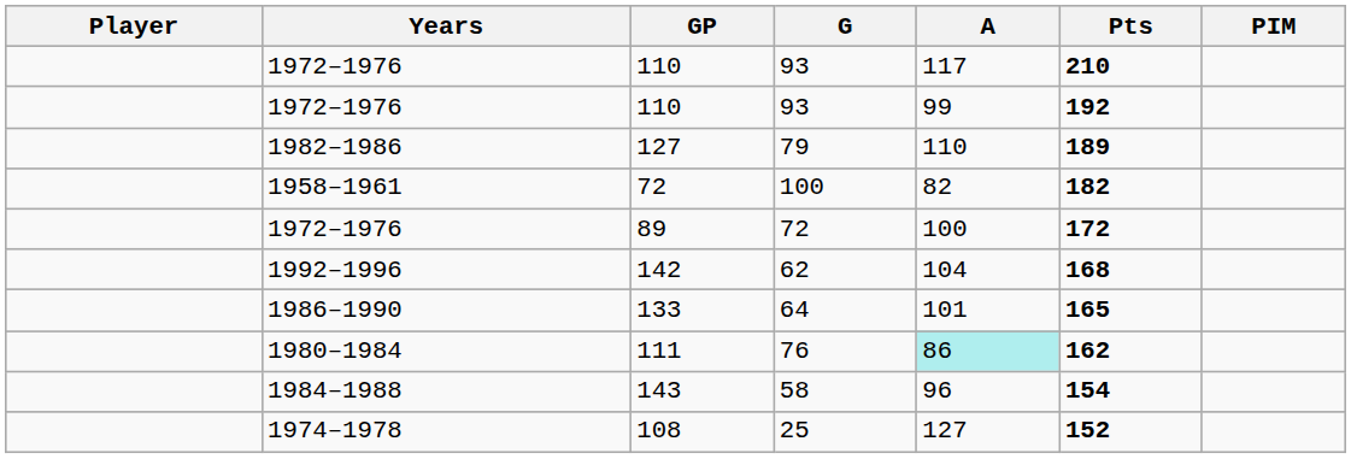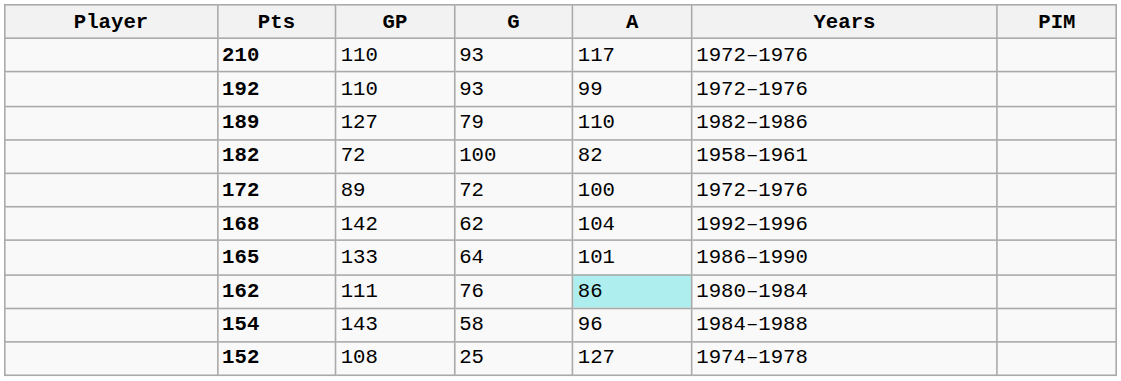 <table class="wikitable sortable" width ="700" cellpadding="1" border="1" cellspacing="0">
 <tr>
 <th>Player</th>
-<th>Years</th>
+<th>Pts</th>
 <th>GP</th>
 <th>G</th>
 <th>A</th>
-<th>Pts</th>
+<th>Years</th>
 <th>PIM</th>
 </tr>
 <tr>
 <td></td>
-<td>1972–1976</td>
+<td><strong>210</strong></td>
 <td>110</td>
 <td>93</td>
 <td>117</td>
-<td><strong>210</strong></td>
+<td>1972–1976</td>
 <td></td>
 </tr>
 <tr>
 <td></td>
-<td>1972–1976</td>
+<td><strong>192</strong></td>
 <td>110</td>
 <td>93</td>
 <td>99</td>
-<td><strong>192</strong></td>
+<td>1972–1976</td>
 <td></td>
 </tr>
 <tr>
 <td></td>
-<td>1982–1986</td>
+<td><strong>189</strong></td>
 <td>127</td>
 <td>79</td>
 <td>110</td>
-<td><strong>189</strong></td>
+<td>1982–1986</td>
 <td></td>
 </tr>
 <tr>
 <td></td>
-<td>1958–1961</td>
+<td><strong>182</strong></td>
 <td>72</td>
 <td>100</td>
 <td>82</td>
-<td><strong>182</strong></td>
+<td>1958–1961</td>
 <td></td>
 </tr>
 <tr>
 <td></td>
-<td>1972–1976</td>
+<td><strong>172</strong></td>
 <td>89</td>
 <td>72</td>
 <td>100</td>
-<td><strong>172</strong></td>
+<td>1972–1976</td>
 <td></td>
 </tr>
 <tr>
 <td></td>
-<td>1992–1996</td>
+<td><strong>168</strong></td>
 <td>142</td>
 <td>62</td>
 <td>104</td>
-<td><strong>168</strong></td>
+<td>1992–1996</td>
 <td></td>
 </tr>
 <tr>
 <td></td>
-<td>1986–1990</td>
+<td><strong>165</strong></td>
 <td>133</td>
 <td>64</td>
 <td>101</td>
-<td><strong>165</strong></td>
+<td>1986–1990</td>
 <td></td>
 </tr>
 <tr>
 <td></td>
-<td>1980–1984</td>
+<td><strong>162</strong></td>
 <td>111</td>
 <td>76</td>
 <td style="background: paleturquoise;">86</td>
-<td><strong>162</strong></td>
+<td>1980–1984</td>
 <td></td>
 </tr>
 <tr>
 <td></td>
-<td>1984–1988</td>
+<td><strong>154</strong></td>
 <td>143</td>
 <td>58</td>
 <td>96</td>
-<td><strong>154</strong></td>
+<td>1984–1988</td>
 <td></td>
 </tr>
 <tr>
 <td></td>
-<td>1974–1978</td>
+<td><strong>152</strong></td>
 <td>108</td>
 <td>25</td>
 <td>127</td>
-<td><strong>152</strong></td>
+<td>1974–1978</td>
 <td></td>
 </tr>
 </table>
